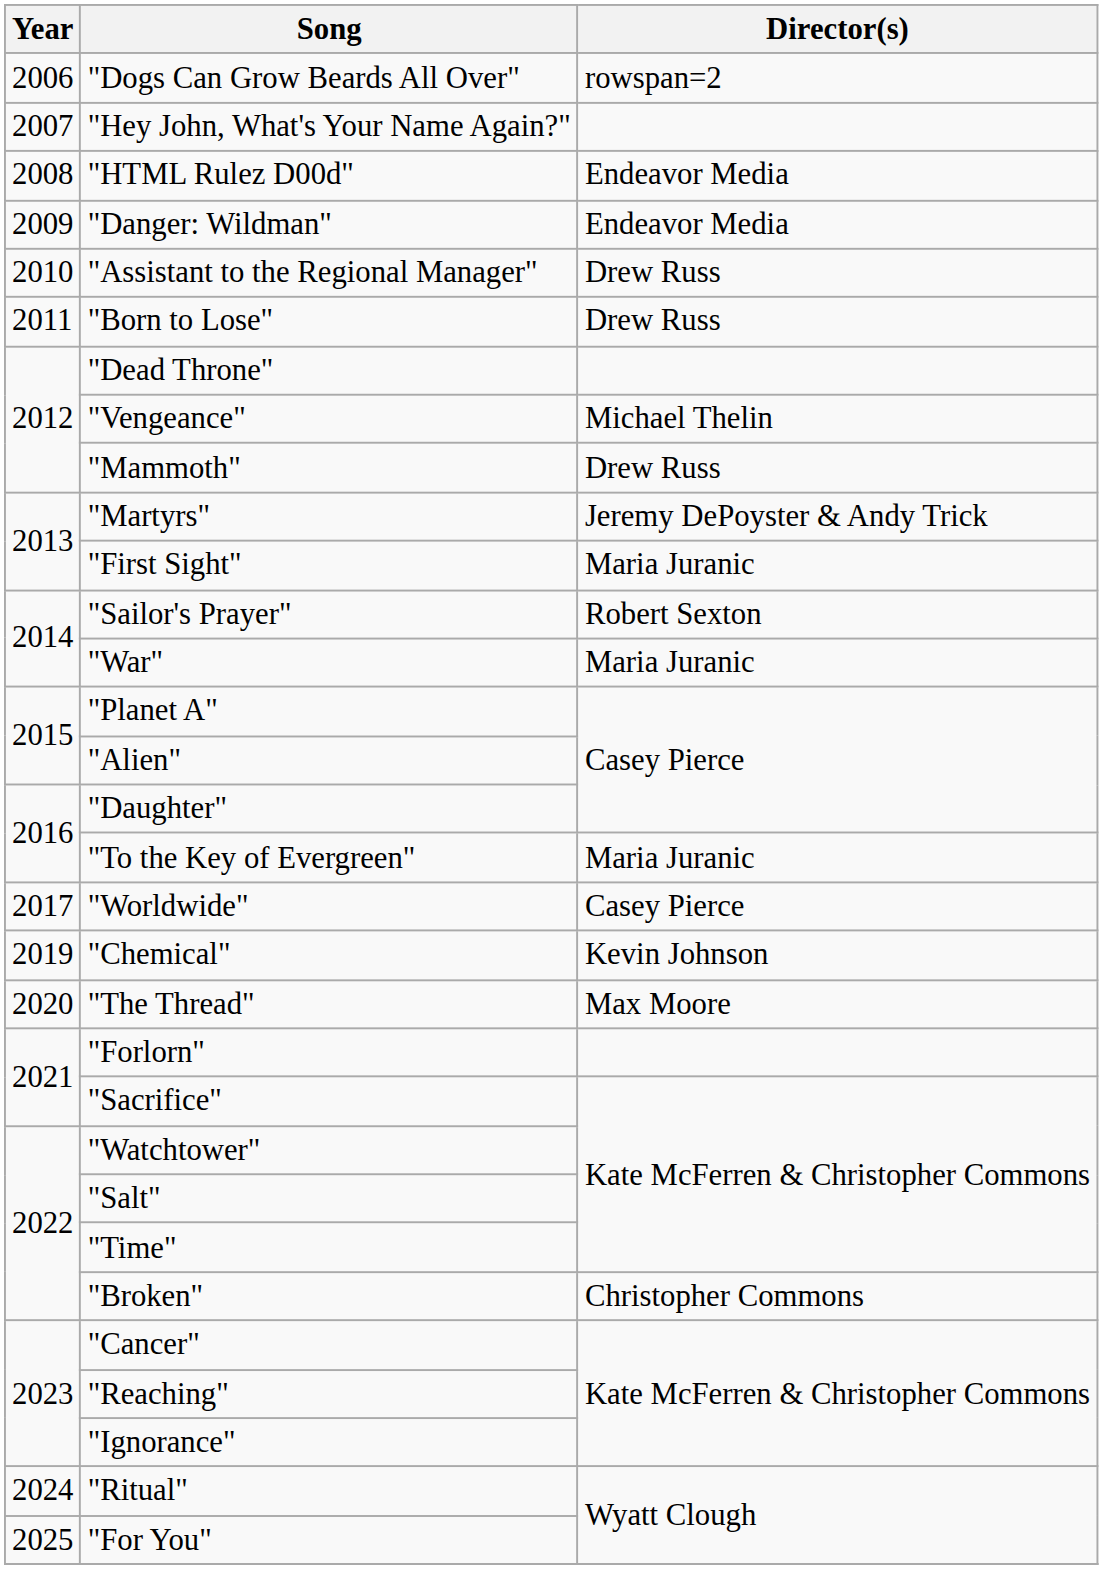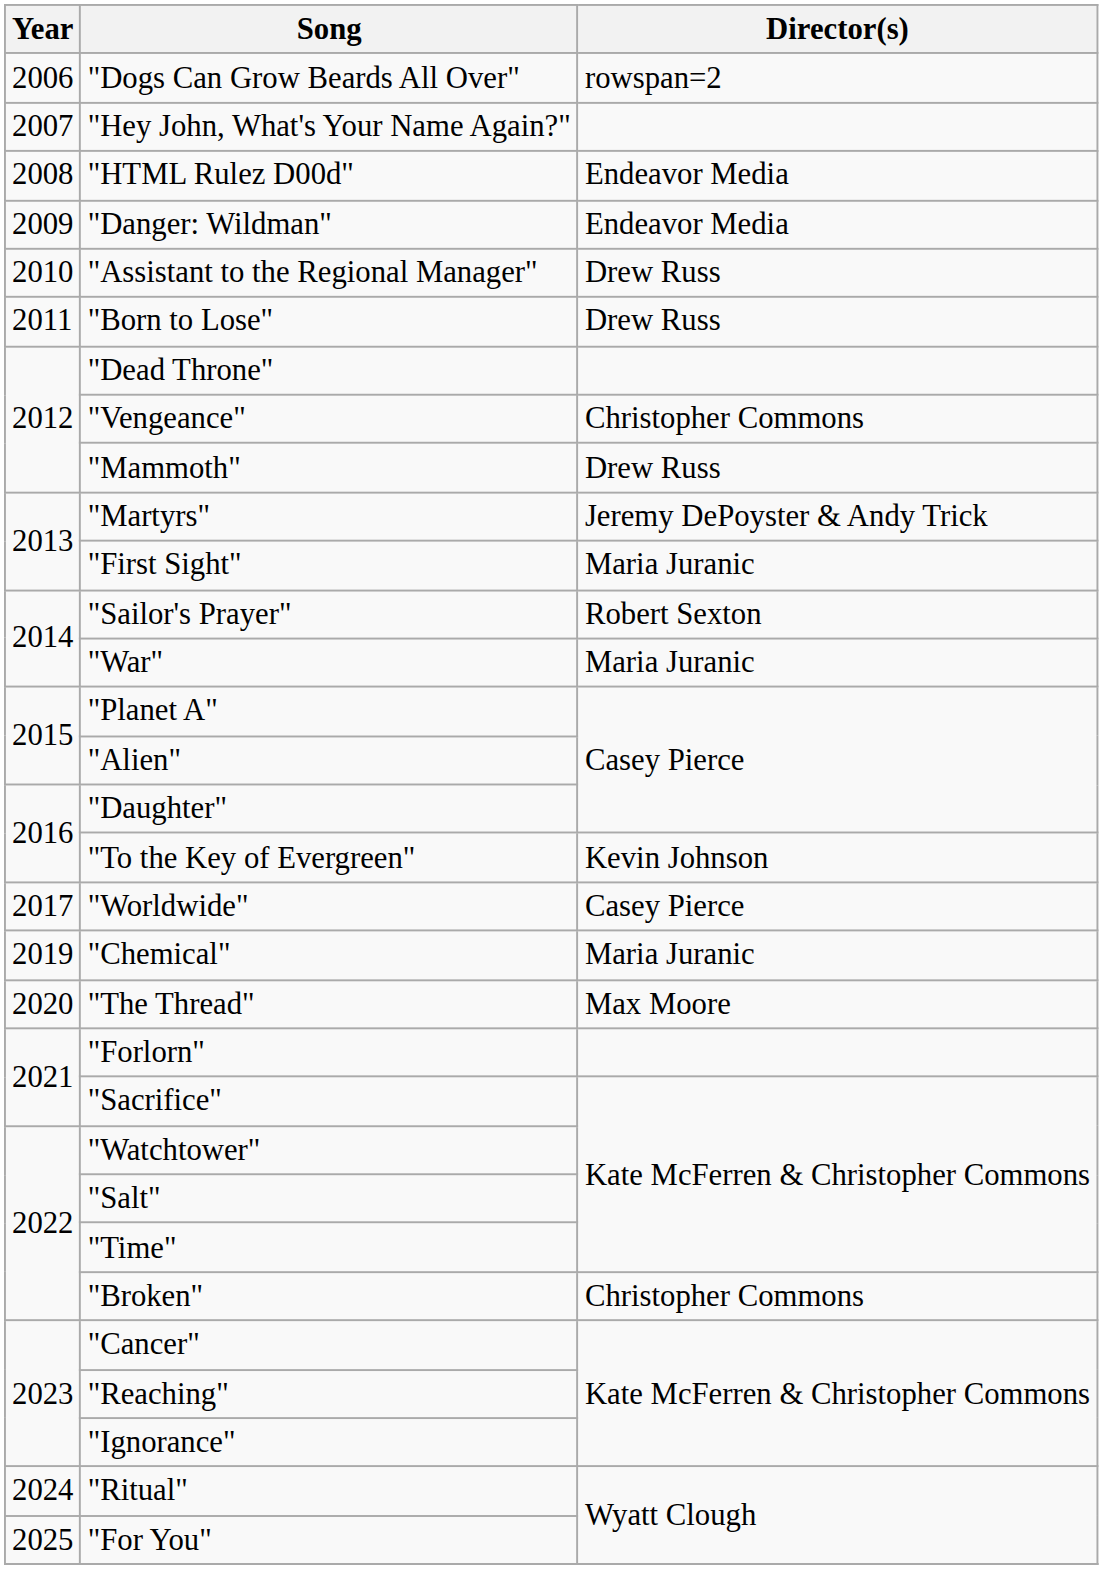 <table class="wikitable">
 <tr>
 <th>Year</th>
 <th>Song</th>
 <th>Director(s)</th>
 </tr>
 <tr>
 <td>2006</td>
 <td>"Dogs Can Grow Beards All Over"</td>
 <td>rowspan=2 </td>
 </tr>
 <tr>
 <td>2007</td>
 <td>"Hey John, What's Your Name Again?"</td>
 </tr>
 <tr>
 <td>2008</td>
 <td>"HTML Rulez D00d"</td>
 <td>Endeavor Media</td>
 </tr>
 <tr>
 <td>2009</td>
 <td>"Danger: Wildman"</td>
 <td>Endeavor Media</td>
 </tr>
 <tr>
 <td>2010</td>
 <td>"Assistant to the Regional Manager"</td>
 <td>Drew Russ</td>
 </tr>
 <tr>
 <td>2011</td>
 <td>"Born to Lose"</td>
 <td>Drew Russ</td>
 </tr>
 <tr>
 <td rowspan=3>2012</td>
 <td>"Dead Throne"</td>
 <td></td>
 </tr>
 <tr>
 <td>"Vengeance"</td>
-<td>Michael Thelin</td>
+<td>Christopher Commons</td>
 </tr>
 <tr>
 <td>"Mammoth"</td>
 <td>Drew Russ</td>
 </tr>
 <tr>
 <td rowspan=2>2013</td>
 <td>"Martyrs"</td>
 <td>Jeremy DePoyster & Andy Trick</td>
 </tr>
 <tr>
 <td>"First Sight"</td>
 <td>Maria Juranic</td>
 </tr>
 <tr>
 <td rowspan=2>2014</td>
 <td>"Sailor's Prayer"</td>
 <td>Robert Sexton</td>
 </tr>
 <tr>
 <td>"War"</td>
 <td>Maria Juranic</td>
 </tr>
 <tr>
 <td rowspan=2>2015</td>
 <td>"Planet A"</td>
 <td rowspan=3>Casey Pierce</td>
 </tr>
 <tr>
 <td>"Alien"</td>
 </tr>
 <tr>
 <td rowspan=2>2016</td>
 <td>"Daughter"</td>
 </tr>
 <tr>
 <td>"To the Key of Evergreen"</td>
-<td>Maria Juranic</td>
+<td>Kevin Johnson</td>
 </tr>
 <tr>
 <td>2017</td>
 <td>"Worldwide"</td>
 <td>Casey Pierce</td>
 </tr>
 <tr>
 <td>2019</td>
 <td>"Chemical"</td>
-<td>Kevin Johnson</td>
+<td>Maria Juranic</td>
 </tr>
 <tr>
 <td>2020</td>
 <td>"The Thread"</td>
 <td>Max Moore</td>
 </tr>
 <tr>
 <td rowspan=2>2021</td>
 <td>"Forlorn"</td>
 <td></td>
 </tr>
 <tr>
 <td>"Sacrifice"</td>
 <td rowspan=4>Kate McFerren & Christopher Commons</td>
 </tr>
 <tr>
 <td rowspan=4>2022</td>
 <td>"Watchtower"</td>
 </tr>
 <tr>
 <td>"Salt"</td>
 </tr>
 <tr>
 <td>"Time"</td>
 </tr>
 <tr>
 <td>"Broken"</td>
 <td>Christopher Commons</td>
 </tr>
 <tr>
 <td rowspan=3>2023</td>
 <td>"Cancer"</td>
 <td rowspan=3>Kate McFerren & Christopher Commons</td>
 </tr>
 <tr>
 <td>"Reaching"</td>
 </tr>
 <tr>
 <td>"Ignorance"</td>
 </tr>
 <tr>
 <td>2024</td>
 <td>"Ritual"</td>
 <td rowspan="2">Wyatt Clough</td>
 </tr>
 <tr>
 <td>2025</td>
 <td>"For You"</td>
 </tr>
 <tr>
 </tr>
 </table>
